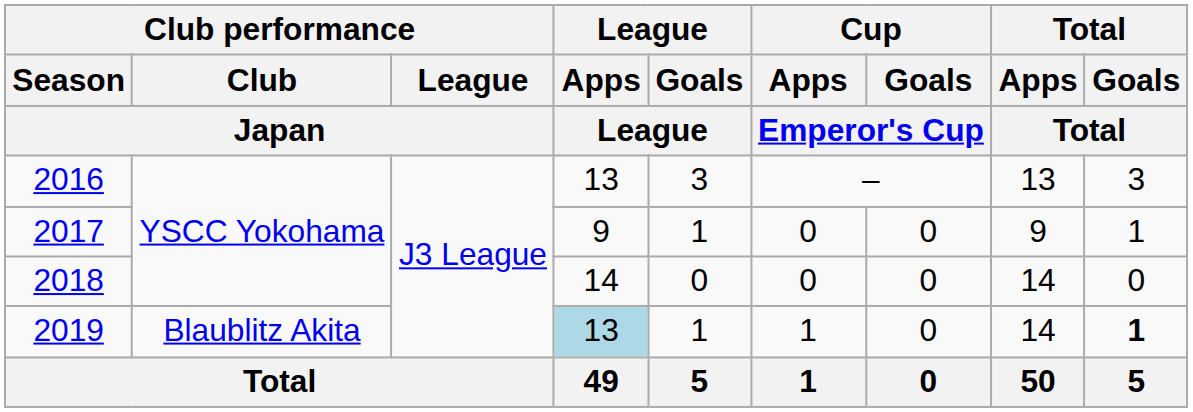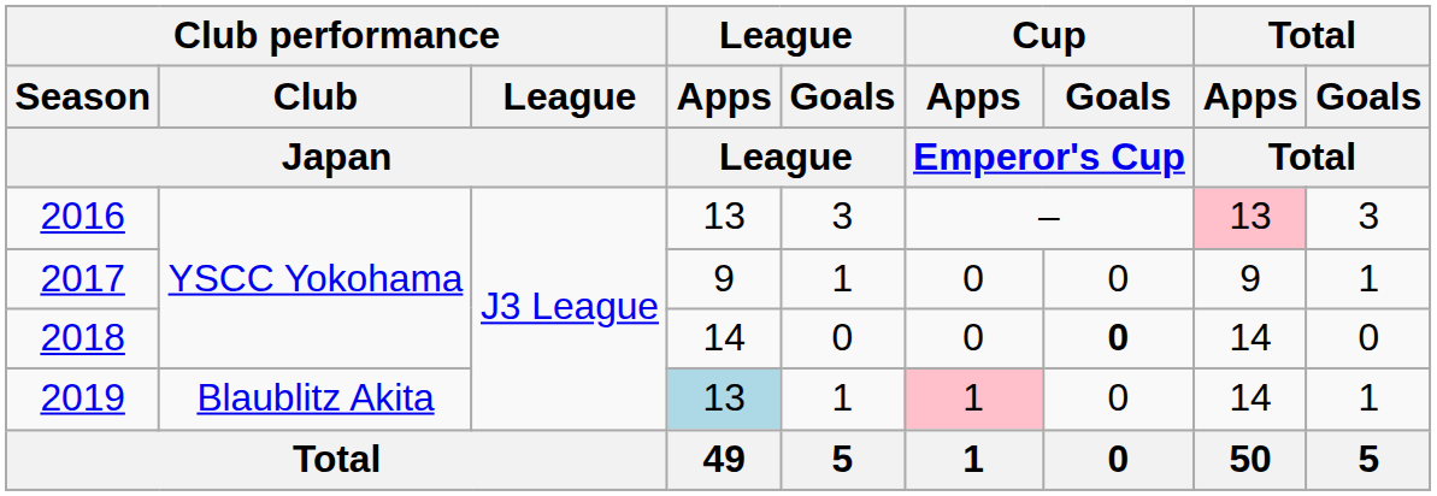 <table class="wikitable" style="text-align:center;">
 <tr>
 <th colspan=3>Club performance</th>
 <th colspan=2>League</th>
 <th colspan=2>Cup</th>
 <th colspan=2>Total</th>
 </tr>
 <tr>
 <th>Season</th>
 <th>Club</th>
 <th>League</th>
 <th>Apps</th>
 <th>Goals</th>
 <th>Apps</th>
 <th>Goals</th>
 <th>Apps</th>
 <th>Goals</th>
 </tr>
 <tr>
 <th colspan=3>Japan</th>
 <th colspan=2>League</th>
 <th colspan=2><a href='#'>Emperor's Cup</a></th>
 <th colspan=2>Total</th>
 </tr>
 <tr>
 <td><a href='#'>2016</a></td>
 <td rowspan="3"><a href='#'>YSCC Yokohama</a></td>
 <td rowspan="4"><a href='#'>J3 League</a></td>
 <td>13</td>
 <td>3</td>
 <td colspan="2">–</td>
-<td>13</td>
+<td style="background: pink;">13</td>
 <td>3</td>
 </tr>
 <tr>
 <td><a href='#'>2017</a></td>
 <td>9</td>
 <td>1</td>
 <td>0</td>
 <td>0</td>
 <td>9</td>
 <td>1</td>
 </tr>
 <tr>
 <td><a href='#'>2018</a></td>
 <td>14</td>
 <td>0</td>
 <td>0</td>
-<td>0</td>
+<td><strong>0</strong></td>
 <td>14</td>
 <td>0</td>
 </tr>
 <tr>
 <td><a href='#'>2019</a></td>
 <td><a href='#'>Blaublitz Akita</a></td>
 <td style="background: lightblue;">13</td>
 <td>1</td>
-<td>1</td>
+<td style="background: pink;">1</td>
 <td>0</td>
 <td>14</td>
-<td><strong>1</strong></td>
+<td>1</td>
 </tr>
 <tr>
 <th colspan=3>Total</th>
 <th>49</th>
 <th>5</th>
 <th>1</th>
 <th>0</th>
 <th>50</th>
 <th>5</th>
 </tr>
 </table>
